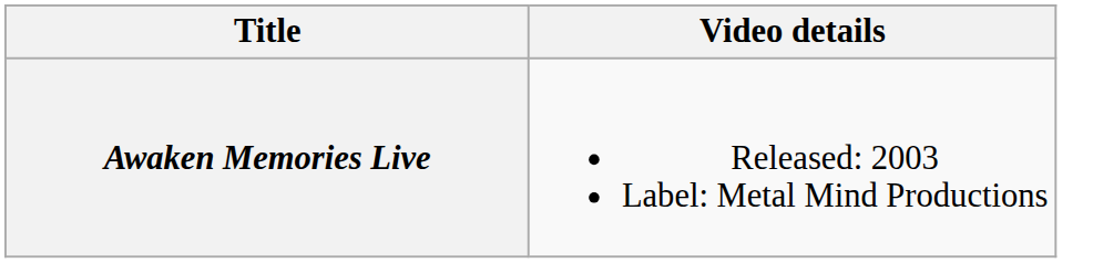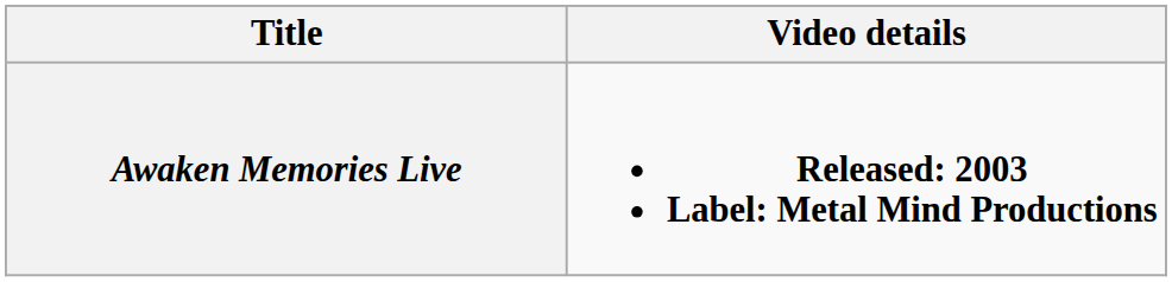 <table class="wikitable plainrowheaders" style="text-align:center;">
 <tr>
 <th scope="col" style="width:15em;">Title</th>
 <th scope="col">Video details</th>
 </tr>
 <tr>
 <th scope="row"><em>Awaken Memories Live</em></th>
-<td><br><ul><li>Released: 2003</li><li>Label: Metal Mind Productions</li></ul></td>
+<td><strong><br><ul><li>Released: 2003</li><li>Label: Metal Mind Productions</li></ul></strong></td>
 </tr>
 </table>
